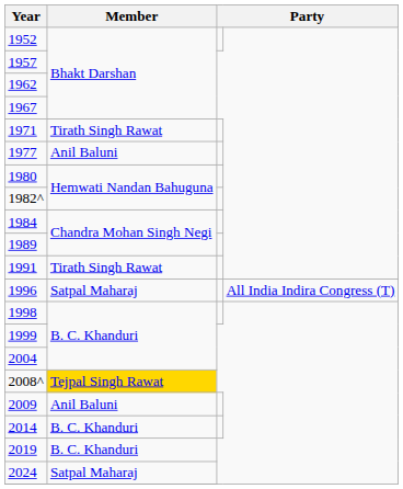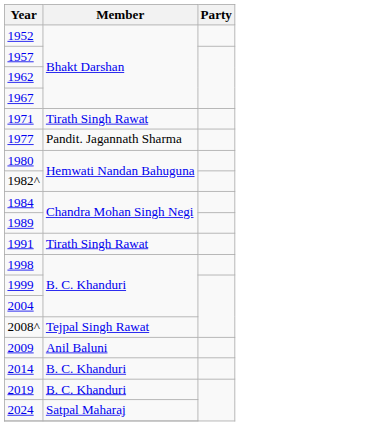 <table class="wikitable">
 <tr>
 <th>Year</th>
 <th>Member</th>
 <th colspan="2">Party</th>
 </tr>
 <tr>
 <td><a href='#'>1952</a></td>
 <td rowspan="4"><a href='#'>Bhakt Darshan</a></td>
 <td></td>
 </tr>
 <tr>
 <td><a href='#'>1957</a></td>
 </tr>
 <tr>
 <td><a href='#'>1962</a></td>
 </tr>
 <tr>
 <td><a href='#'>1967</a></td>
 </tr>
 <tr>
 <td><a href='#'>1971</a></td>
 <td><a href='#'>Tirath Singh Rawat</a></td>
 <td></td>
 </tr>
 <tr>
 <td><a href='#'>1977</a></td>
-<td><a href='#'>Anil Baluni</a></td>
+<td>Pandit. Jagannath Sharma</td>
 <td></td>
 </tr>
 <tr>
 <td><a href='#'>1980</a></td>
 <td rowspan="2"><a href='#'>Hemwati Nandan Bahuguna</a></td>
 <td></td>
 </tr>
 <tr>
 <td>1982^</td>
 <td></td>
 </tr>
 <tr>
 <td><a href='#'>1984</a></td>
 <td rowspan="2"><a href='#'>Chandra Mohan Singh Negi</a></td>
 <td></td>
 </tr>
 <tr>
 <td><a href='#'>1989</a></td>
 <td></td>
 </tr>
 <tr>
 <td><a href='#'>1991</a></td>
 <td><a href='#'>Tirath Singh Rawat</a></td>
 <td></td>
 </tr>
 <tr>
-<td><a href='#'>1996</a></td>
-<td><a href='#'>Satpal Maharaj</a></td>
-<td style="background-color: "></td>
-<td><a href='#'>All India Indira Congress (T)</a></td>
-</tr>
-<tr>
 <td><a href='#'>1998</a></td>
 <td rowspan="3"><a href='#'>B. C. Khanduri</a></td>
 <td></td>
 </tr>
 <tr>
 <td><a href='#'>1999</a></td>
 </tr>
 <tr>
 <td><a href='#'>2004</a></td>
 </tr>
 <tr>
 <td>2008^</td>
-<td style="background: gold;"><a href='#'>Tejpal Singh Rawat</a></td>
+<td><a href='#'>Tejpal Singh Rawat</a></td>
 </tr>
 <tr>
 <td><a href='#'>2009</a></td>
 <td><a href='#'>Anil Baluni</a></td>
 <td></td>
 </tr>
 <tr>
 <td><a href='#'>2014</a></td>
 <td><a href='#'>B. C. Khanduri</a></td>
 <td></td>
 </tr>
 <tr>
 <td><a href='#'>2019</a></td>
 <td><a href='#'>B. C. Khanduri</a></td>
 </tr>
 <tr>
 <td><a href='#'>2024</a></td>
 <td><a href='#'>Satpal Maharaj</a></td>
 </tr>
 <tr>
 </tr>
 </table>
